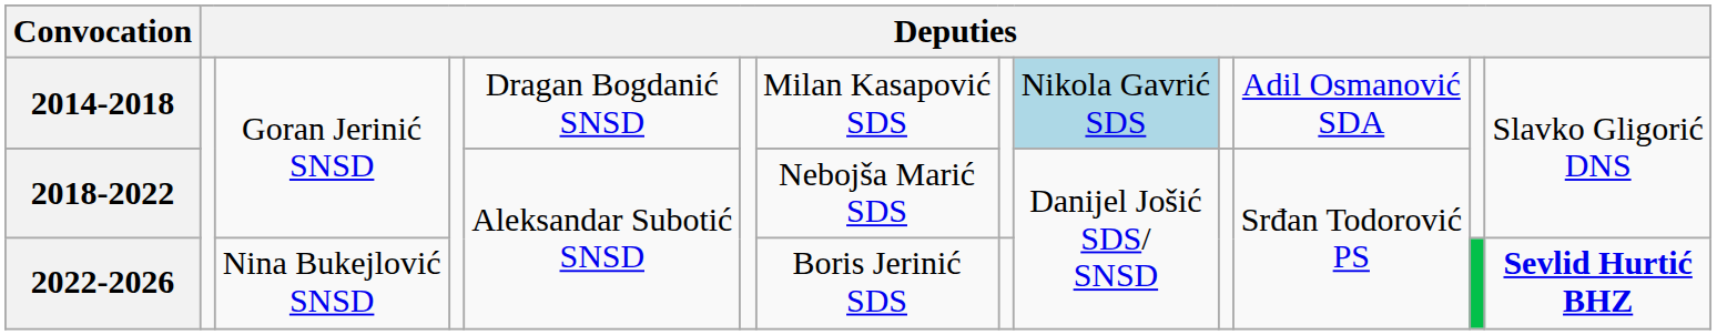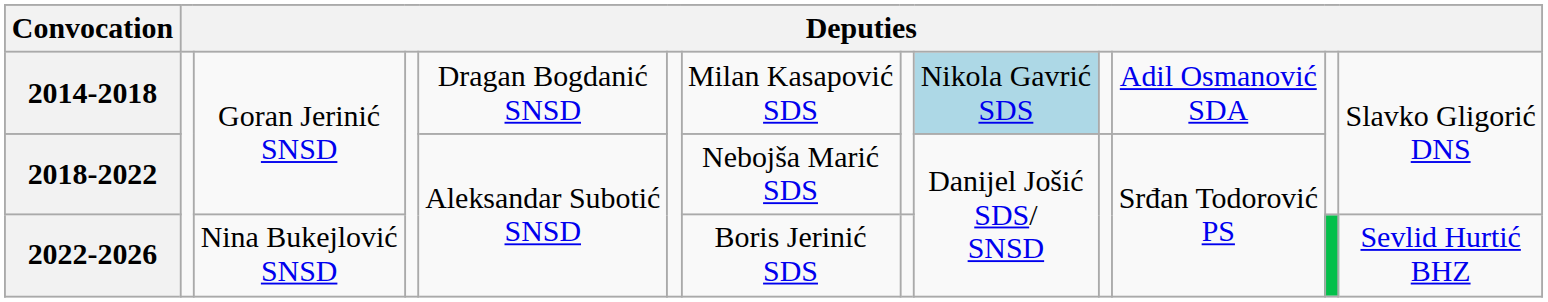 <table class="wikitable" style="text-align:center">
 <tr>
 <th>Convocation</th>
 <th colspan=12>Deputies</th>
 </tr>
 <tr>
 <th>2014-2018</th>
 <td rowspan=3; style="background-color: "></td>
 <td rowspan=2>Goran Jerinić<br><a href='#'>SNSD</a></td>
 <td rowspan=3; style="background-color: "></td>
 <td>Dragan Bogdanić<br><a href='#'>SNSD</a></td>
 <td rowspan=3; style="background-color: "></td>
 <td>Milan Kasapović<br><a href='#'>SDS</a></td>
 <td rowspan=2; style="background-color: "></td>
 <td style="background: lightblue;">Nikola Gavrić<br><a href='#'>SDS</a></td>
 <td rowspan=1; style="background-color: "></td>
 <td><a href='#'>Adil Osmanović</a><br><a href='#'>SDA</a></td>
 <td rowspan=2; style="background-color: "></td>
 <td rowspan=2>Slavko Gligorić<br><a href='#'>DNS</a></td>
 </tr>
 <tr>
 <th>2018-2022</th>
 <td rowspan=2>Aleksandar Subotić<br><a href='#'>SNSD</a></td>
 <td>Nebojša Marić<br><a href='#'>SDS</a></td>
 <td rowspan=2>Danijel Jošić<br><a href='#'>SDS</a>/<br><a href='#'>SNSD</a></td>
 <td rowspan=2; style="background-color: "></td>
 <td rowspan=2>Srđan Todorović<br><a href='#'>PS</a></td>
 </tr>
 <tr>
 <th>2022-2026</th>
 <td rowspan=1>Nina Bukejlović<br><a href='#'>SNSD</a></td>
 <td>Boris Jerinić<br><a href='#'>SDS</a></td>
 <td rowspan=1; style="background-color: "></td>
 <td rowspan=1; style="background-color: #03C04A"></td>
-<td rowspan=1><strong><a href='#'>Sevlid Hurtić</a><br><a href='#'>BHZ</a></strong></td>
+<td rowspan=1><a href='#'>Sevlid Hurtić</a><br><a href='#'>BHZ</a></td>
 </tr>
 </table>
